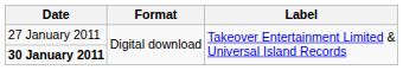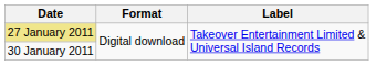 <table class=wikitable>
 <tr>
 <th>Date</th>
 <th>Format</th>
 <th>Label</th>
 </tr>
 <tr>
-<td>27 January 2011</td>
+<td style="background: khaki;">27 January 2011</td>
 <td rowspan="2">Digital download</td>
 <td rowspan="2"><a href='#'>Takeover Entertainment Limited</a> &<br> <a href='#'>Universal Island Records</a></td>
 </tr>
 <tr>
-<td><strong>30 January 2011</strong></td>
+<td>30 January 2011</td>
 </tr>
 </table>
